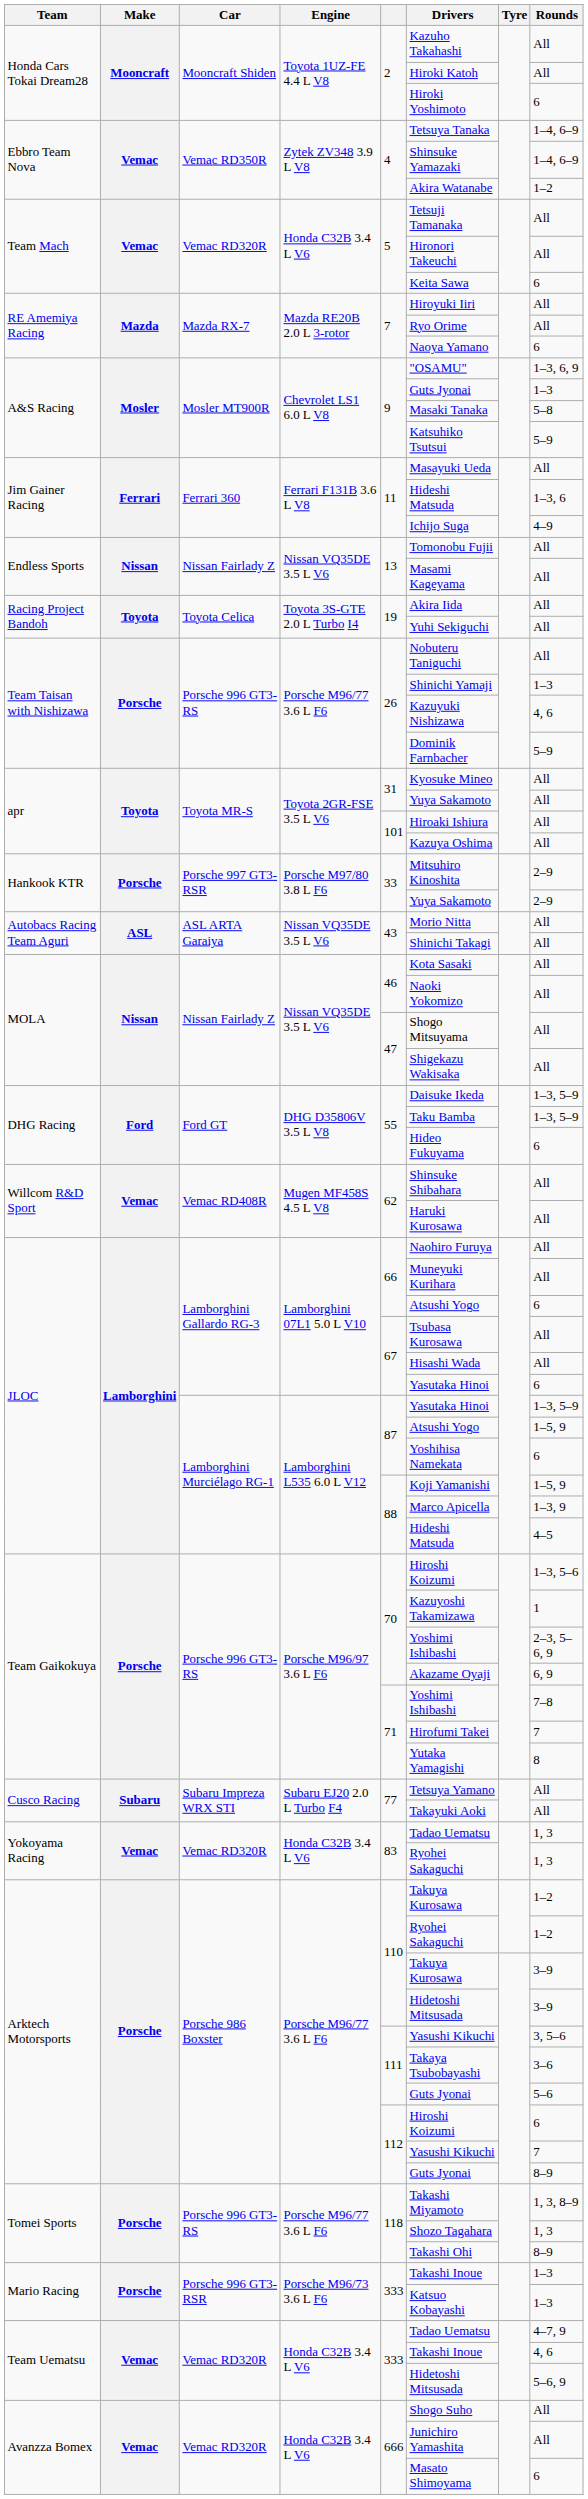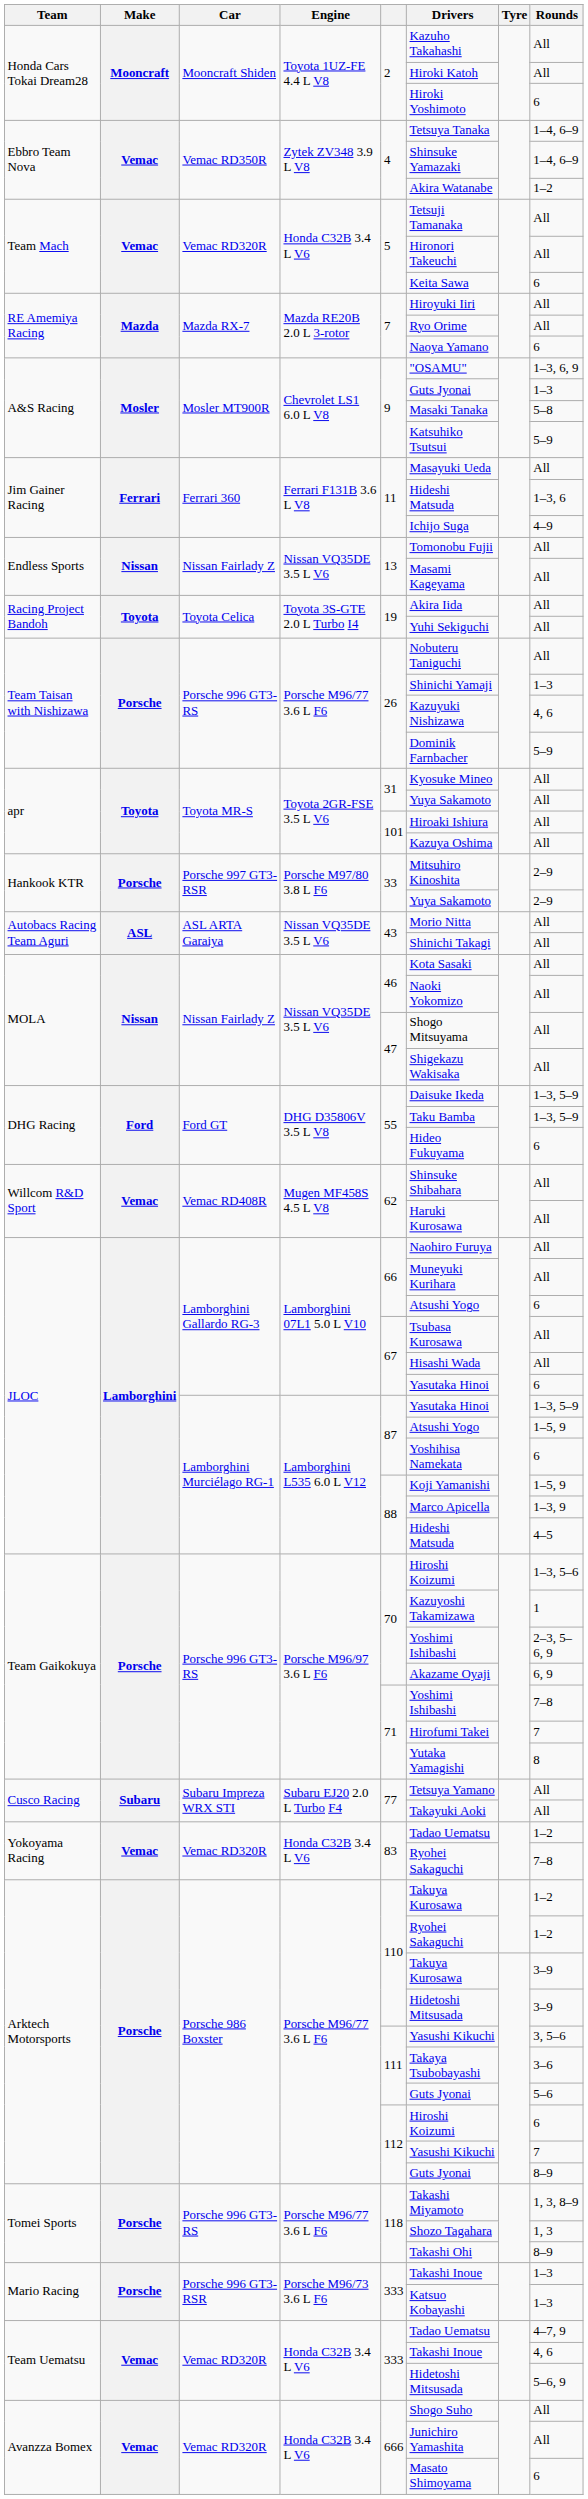 <table class="wikitable" style="font-size: 85%">
 <tr>
 <th>Team</th>
 <th>Make</th>
 <th>Car</th>
 <th>Engine</th>
 <th></th>
 <th>Drivers</th>
 <th>Tyre</th>
 <th>Rounds</th>
 </tr>
 <tr>
 <td rowspan=3>Honda Cars Tokai Dream28</td>
 <th rowspan=3><a href='#'>Mooncraft</a></th>
 <td rowspan=3><a href='#'>Mooncraft Shiden</a></td>
 <td rowspan=3><a href='#'>Toyota 1UZ-FE</a> 4.4 L <a href='#'>V8</a></td>
 <td rowspan=3>2</td>
 <td> <a href='#'>Kazuho Takahashi</a></td>
 <td align=center rowspan=3></td>
 <td>All</td>
 </tr>
 <tr>
 <td> <a href='#'>Hiroki Katoh</a></td>
 <td>All</td>
 </tr>
 <tr>
 <td> <a href='#'>Hiroki Yoshimoto</a></td>
 <td>6</td>
 </tr>
 <tr>
 <td rowspan=3>Ebbro Team Nova</td>
 <th rowspan=3><a href='#'>Vemac</a></th>
 <td rowspan=3><a href='#'>Vemac RD350R</a></td>
 <td rowspan=3><a href='#'>Zytek ZV348</a> 3.9 L <a href='#'>V8</a></td>
 <td rowspan=3>4</td>
 <td> <a href='#'>Tetsuya Tanaka</a></td>
 <td rowspan=3 align="center"></td>
 <td>1–4, 6–9</td>
 </tr>
 <tr>
 <td> <a href='#'>Shinsuke Yamazaki</a></td>
 <td>1–4, 6–9</td>
 </tr>
 <tr>
 <td> <a href='#'>Akira Watanabe</a></td>
 <td>1–2</td>
 </tr>
 <tr>
 <td rowspan=3>Team <a href='#'>Mach</a></td>
 <th rowspan=3><a href='#'>Vemac</a></th>
 <td rowspan=3><a href='#'>Vemac RD320R</a></td>
 <td rowspan=3><a href='#'>Honda C32B</a> 3.4 L <a href='#'>V6</a></td>
 <td rowspan=3>5</td>
 <td> <a href='#'>Tetsuji Tamanaka</a></td>
 <td align="center" rowspan=3></td>
 <td>All</td>
 </tr>
 <tr>
 <td> <a href='#'>Hironori Takeuchi</a></td>
 <td>All</td>
 </tr>
 <tr>
 <td> <a href='#'>Keita Sawa</a></td>
 <td>6</td>
 </tr>
 <tr>
 <td rowspan=3><a href='#'>RE Amemiya Racing</a></td>
 <th rowspan=3><a href='#'>Mazda</a></th>
 <td rowspan=3><a href='#'>Mazda RX-7</a></td>
 <td rowspan=3><a href='#'>Mazda RE20B</a> 2.0 L <a href='#'>3-rotor</a></td>
 <td rowspan=3>7</td>
 <td> <a href='#'>Hiroyuki Iiri</a></td>
 <td align="center" rowspan=3></td>
 <td>All</td>
 </tr>
 <tr>
 <td> <a href='#'>Ryo Orime</a></td>
 <td>All</td>
 </tr>
 <tr>
 <td> <a href='#'>Naoya Yamano</a></td>
 <td>6</td>
 </tr>
 <tr>
 <td rowspan=4>A&S Racing</td>
 <th rowspan=4><a href='#'>Mosler</a></th>
 <td rowspan=4><a href='#'>Mosler MT900R</a></td>
 <td rowspan=4><a href='#'>Chevrolet LS1</a> 6.0 L <a href='#'>V8</a></td>
 <td rowspan=4>9</td>
 <td> <a href='#'>"OSAMU"</a></td>
 <td rowspan=4 align="center"></td>
 <td>1–3, 6, 9</td>
 </tr>
 <tr>
 <td> <a href='#'>Guts Jyonai</a></td>
 <td>1–3</td>
 </tr>
 <tr>
 <td> <a href='#'>Masaki Tanaka</a></td>
 <td>5–8</td>
 </tr>
 <tr>
 <td> <a href='#'>Katsuhiko Tsutsui</a></td>
 <td>5–9</td>
 </tr>
 <tr>
 <td rowspan=3>Jim Gainer Racing</td>
 <th rowspan=3><a href='#'>Ferrari</a></th>
 <td rowspan=3><a href='#'>Ferrari 360</a></td>
 <td rowspan=3><a href='#'>Ferrari F131B</a> 3.6 L <a href='#'>V8</a></td>
 <td rowspan=3>11</td>
 <td> <a href='#'>Masayuki Ueda</a></td>
 <td rowspan=3 align="center"></td>
 <td>All</td>
 </tr>
 <tr>
 <td> <a href='#'>Hideshi Matsuda</a></td>
 <td>1–3, 6</td>
 </tr>
 <tr>
 <td> <a href='#'>Ichijo Suga</a></td>
 <td>4–9</td>
 </tr>
 <tr>
 <td rowspan=2>Endless Sports</td>
 <th rowspan=2><a href='#'>Nissan</a></th>
 <td rowspan=2><a href='#'>Nissan Fairlady Z</a></td>
 <td rowspan=2><a href='#'>Nissan VQ35DE</a> 3.5 L <a href='#'>V6</a></td>
 <td rowspan=2>13</td>
 <td> <a href='#'>Tomonobu Fujii</a></td>
 <td rowspan=2 align="center"></td>
 <td>All</td>
 </tr>
 <tr>
 <td> <a href='#'>Masami Kageyama</a></td>
 <td>All</td>
 </tr>
 <tr>
 <td rowspan=2><a href='#'>Racing Project Bandoh</a></td>
 <th rowspan=2><a href='#'>Toyota</a></th>
 <td rowspan=2><a href='#'>Toyota Celica</a></td>
 <td rowspan=2><a href='#'>Toyota 3S-GTE</a> 2.0 L <a href='#'>Turbo</a> <a href='#'>I4</a></td>
 <td rowspan=2>19</td>
 <td> <a href='#'>Akira Iida</a></td>
 <td rowspan=2 align="center"></td>
 <td>All</td>
 </tr>
 <tr>
 <td> <a href='#'>Yuhi Sekiguchi</a></td>
 <td>All</td>
 </tr>
 <tr>
 <td rowspan=4><a href='#'>Team Taisan with Nishizawa</a></td>
 <th rowspan=4><a href='#'>Porsche</a></th>
 <td rowspan=4><a href='#'>Porsche 996 GT3-RS</a></td>
 <td rowspan=4><a href='#'>Porsche M96/77</a> 3.6 L <a href='#'>F6</a></td>
 <td rowspan=4>26</td>
 <td> <a href='#'>Nobuteru Taniguchi</a></td>
 <td rowspan=4 align="center"></td>
 <td>All</td>
 </tr>
 <tr>
 <td> <a href='#'>Shinichi Yamaji</a></td>
 <td>1–3</td>
 </tr>
 <tr>
 <td> <a href='#'>Kazuyuki Nishizawa</a></td>
 <td>4, 6</td>
 </tr>
 <tr>
 <td> <a href='#'>Dominik Farnbacher</a></td>
 <td>5–9</td>
 </tr>
 <tr>
 <td rowspan=4>apr</td>
 <th rowspan=4><a href='#'>Toyota</a></th>
 <td rowspan=4><a href='#'>Toyota MR-S</a></td>
 <td rowspan=4><a href='#'>Toyota 2GR-FSE</a> 3.5 L <a href='#'>V6</a></td>
 <td rowspan=2>31</td>
 <td> <a href='#'>Kyosuke Mineo</a></td>
 <td rowspan=4 align="center"></td>
 <td>All</td>
 </tr>
 <tr>
 <td> <a href='#'>Yuya Sakamoto</a></td>
 <td>All</td>
 </tr>
 <tr>
 <td rowspan=2>101</td>
 <td> <a href='#'>Hiroaki Ishiura</a></td>
 <td>All</td>
 </tr>
 <tr>
 <td> <a href='#'>Kazuya Oshima</a></td>
 <td>All</td>
 </tr>
 <tr>
 <td rowspan=2>Hankook KTR</td>
 <th rowspan=2><a href='#'>Porsche</a></th>
 <td rowspan=2><a href='#'>Porsche 997 GT3-RSR</a></td>
 <td rowspan=2><a href='#'>Porsche M97/80</a> 3.8 L <a href='#'>F6</a></td>
 <td rowspan=2>33</td>
 <td> <a href='#'>Mitsuhiro Kinoshita</a></td>
 <td rowspan=2 align="center"></td>
 <td>2–9</td>
 </tr>
 <tr>
 <td> <a href='#'>Yuya Sakamoto</a></td>
 <td>2–9</td>
 </tr>
 <tr>
 <td rowspan=2><a href='#'>Autobacs Racing Team Aguri</a></td>
 <th rowspan=2><a href='#'>ASL</a></th>
 <td rowspan=2><a href='#'>ASL ARTA Garaiya</a></td>
 <td rowspan=2><a href='#'>Nissan VQ35DE</a> 3.5 L <a href='#'>V6</a></td>
 <td rowspan=2>43</td>
 <td> <a href='#'>Morio Nitta</a></td>
 <td rowspan=2 align="center"></td>
 <td>All</td>
 </tr>
 <tr>
 <td> <a href='#'>Shinichi Takagi</a></td>
 <td>All</td>
 </tr>
 <tr>
 <td rowspan=4>MOLA</td>
 <th rowspan=4><a href='#'>Nissan</a></th>
 <td rowspan=4><a href='#'>Nissan Fairlady Z</a></td>
 <td rowspan=4><a href='#'>Nissan VQ35DE</a> 3.5 L <a href='#'>V6</a></td>
 <td rowspan=2>46</td>
 <td> <a href='#'>Kota Sasaki</a></td>
 <td rowspan=4 align="center"></td>
 <td>All</td>
 </tr>
 <tr>
 <td> <a href='#'>Naoki Yokomizo</a></td>
 <td>All</td>
 </tr>
 <tr>
 <td rowspan=2>47</td>
 <td> Shogo Mitsuyama</td>
 <td>All</td>
 </tr>
 <tr>
 <td> <a href='#'>Shigekazu Wakisaka</a></td>
 <td>All</td>
 </tr>
 <tr>
 <td rowspan=3>DHG Racing</td>
 <th rowspan=3><a href='#'>Ford</a></th>
 <td rowspan=3><a href='#'>Ford GT</a></td>
 <td rowspan=3><a href='#'>DHG D35806V</a> 3.5 L <a href='#'>V8</a></td>
 <td rowspan=3>55</td>
 <td> <a href='#'>Daisuke Ikeda</a></td>
 <td rowspan=3 align="center"></td>
 <td>1–3, 5–9</td>
 </tr>
 <tr>
 <td> <a href='#'>Taku Bamba</a></td>
 <td>1–3, 5–9</td>
 </tr>
 <tr>
 <td> <a href='#'>Hideo Fukuyama</a></td>
 <td>6</td>
 </tr>
 <tr>
 <td rowspan=2>Willcom <a href='#'>R&D Sport</a></td>
 <th rowspan=2><a href='#'>Vemac</a></th>
 <td rowspan=2><a href='#'>Vemac RD408R</a></td>
 <td rowspan=2><a href='#'>Mugen MF458S</a> 4.5 L <a href='#'>V8</a></td>
 <td rowspan=2>62</td>
 <td> <a href='#'>Shinsuke Shibahara</a></td>
 <td rowspan=2 align="center"></td>
 <td>All</td>
 </tr>
 <tr>
 <td> <a href='#'>Haruki Kurosawa</a></td>
 <td>All</td>
 </tr>
 <tr>
 <td rowspan=12><a href='#'>JLOC</a></td>
 <th rowspan=12><a href='#'>Lamborghini</a></th>
 <td rowspan=6><a href='#'>Lamborghini Gallardo RG-3</a></td>
 <td rowspan=6><a href='#'>Lamborghini 07L1</a> 5.0 L <a href='#'>V10</a></td>
 <td rowspan=3>66</td>
 <td> <a href='#'>Naohiro Furuya</a></td>
 <td rowspan=12 align="center"></td>
 <td>All</td>
 </tr>
 <tr>
 <td> <a href='#'>Muneyuki Kurihara</a></td>
 <td>All</td>
 </tr>
 <tr>
 <td> <a href='#'>Atsushi Yogo</a></td>
 <td>6</td>
 </tr>
 <tr>
 <td rowspan=3>67</td>
 <td> <a href='#'>Tsubasa Kurosawa</a></td>
 <td>All</td>
 </tr>
 <tr>
 <td> <a href='#'>Hisashi Wada</a></td>
 <td>All</td>
 </tr>
 <tr>
 <td> <a href='#'>Yasutaka Hinoi</a></td>
 <td>6</td>
 </tr>
 <tr>
 <td rowspan=6><a href='#'>Lamborghini Murciélago RG-1</a></td>
 <td rowspan=6><a href='#'>Lamborghini L535</a> 6.0 L <a href='#'>V12</a></td>
 <td rowspan=3>87</td>
 <td> <a href='#'>Yasutaka Hinoi</a></td>
 <td>1–3, 5–9</td>
 </tr>
 <tr>
 <td> <a href='#'>Atsushi Yogo</a></td>
 <td>1–5, 9</td>
 </tr>
 <tr>
 <td> <a href='#'>Yoshihisa Namekata</a></td>
 <td>6</td>
 </tr>
 <tr>
 <td rowspan=3>88</td>
 <td> <a href='#'>Koji Yamanishi</a></td>
 <td>1–5, 9</td>
 </tr>
 <tr>
 <td> <a href='#'>Marco Apicella</a></td>
 <td>1–3, 9</td>
 </tr>
 <tr>
 <td> <a href='#'>Hideshi Matsuda</a></td>
 <td>4–5</td>
 </tr>
 <tr>
 <td rowspan=7>Team Gaikokuya</td>
 <th rowspan=7><a href='#'>Porsche</a></th>
 <td rowspan=7><a href='#'>Porsche 996 GT3-RS</a></td>
 <td rowspan=7><a href='#'>Porsche M96/97</a> 3.6 L <a href='#'>F6</a></td>
 <td rowspan=4>70</td>
 <td> <a href='#'>Hiroshi Koizumi</a></td>
 <td rowspan=7 align="center"></td>
 <td>1–3, 5–6</td>
 </tr>
 <tr>
 <td> <a href='#'>Kazuyoshi Takamizawa</a></td>
 <td>1</td>
 </tr>
 <tr>
 <td> <a href='#'>Yoshimi Ishibashi</a></td>
 <td>2–3, 5–6, 9</td>
 </tr>
 <tr>
 <td> <a href='#'>Akazame Oyaji</a></td>
 <td>6, 9</td>
 </tr>
 <tr>
 <td rowspan=3>71</td>
 <td> <a href='#'>Yoshimi Ishibashi</a></td>
 <td>7–8</td>
 </tr>
 <tr>
 <td> <a href='#'>Hirofumi Takei</a></td>
 <td>7</td>
 </tr>
 <tr>
 <td> <a href='#'>Yutaka Yamagishi</a></td>
 <td>8</td>
 </tr>
 <tr>
 <td rowspan=2><a href='#'>Cusco Racing</a></td>
 <th rowspan=2><a href='#'>Subaru</a></th>
 <td rowspan=2><a href='#'>Subaru Impreza WRX STI</a></td>
 <td rowspan=2><a href='#'>Subaru EJ20</a> 2.0 L <a href='#'>Turbo</a> <a href='#'>F4</a></td>
 <td rowspan=2>77</td>
 <td> <a href='#'>Tetsuya Yamano</a></td>
 <td rowspan=2 align="center"></td>
 <td>All</td>
 </tr>
 <tr>
 <td> <a href='#'>Takayuki Aoki</a></td>
 <td>All</td>
 </tr>
 <tr>
 <td rowspan=2>Yokoyama Racing</td>
 <th rowspan=2><a href='#'>Vemac</a></th>
 <td rowspan=2><a href='#'>Vemac RD320R</a></td>
 <td rowspan=2><a href='#'>Honda C32B</a> 3.4 L <a href='#'>V6</a></td>
 <td rowspan=2>83</td>
 <td> <a href='#'>Tadao Uematsu</a></td>
 <td align="center" rowspan=2></td>
-<td>1, 3</td>
+<td>1–2</td>
 </tr>
 <tr>
 <td> <a href='#'>Ryohei Sakaguchi</a></td>
-<td>1, 3</td>
+<td>7–8</td>
 </tr>
 <tr>
 <td rowspan=10>Arktech Motorsports</td>
 <th rowspan=10><a href='#'>Porsche</a></th>
 <td rowspan=10><a href='#'>Porsche 986 Boxster</a></td>
 <td rowspan=10><a href='#'>Porsche M96/77</a> 3.6 L <a href='#'>F6</a></td>
 <td rowspan=4>110</td>
 <td> <a href='#'>Takuya Kurosawa</a></td>
 <td rowspan=2 align="center"></td>
 <td>1–2</td>
 </tr>
 <tr>
 <td> <a href='#'>Ryohei Sakaguchi</a></td>
 <td>1–2</td>
 </tr>
 <tr>
 <td> <a href='#'>Takuya Kurosawa</a></td>
 <td rowspan=8 align="center"></td>
 <td>3–9</td>
 </tr>
 <tr>
 <td> <a href='#'>Hidetoshi Mitsusada</a></td>
 <td>3–9</td>
 </tr>
 <tr>
 <td rowspan=3>111</td>
 <td> <a href='#'>Yasushi Kikuchi</a></td>
 <td>3, 5–6</td>
 </tr>
 <tr>
 <td> <a href='#'>Takaya Tsubobayashi</a></td>
 <td>3–6</td>
 </tr>
 <tr>
 <td> <a href='#'>Guts Jyonai</a></td>
 <td>5–6</td>
 </tr>
 <tr>
 <td rowspan=3>112</td>
 <td> <a href='#'>Hiroshi Koizumi</a></td>
 <td>6</td>
 </tr>
 <tr>
 <td> <a href='#'>Yasushi Kikuchi</a></td>
 <td>7</td>
 </tr>
 <tr>
 <td> <a href='#'>Guts Jyonai</a></td>
 <td>8–9</td>
 </tr>
 <tr>
 <td rowspan=3>Tomei Sports</td>
 <th rowspan=3><a href='#'>Porsche</a></th>
 <td rowspan=3><a href='#'>Porsche 996 GT3-RS</a></td>
 <td rowspan=3><a href='#'>Porsche M96/77</a> 3.6 L <a href='#'>F6</a></td>
 <td rowspan=3>118</td>
 <td> <a href='#'>Takashi Miyamoto</a></td>
 <td rowspan=3 align="center"></td>
 <td>1, 3, 8–9</td>
 </tr>
 <tr>
 <td> <a href='#'>Shozo Tagahara</a></td>
 <td>1, 3</td>
 </tr>
 <tr>
 <td> <a href='#'>Takashi Ohi</a></td>
 <td>8–9</td>
 </tr>
 <tr>
 <td rowspan=2>Mario Racing</td>
 <th rowspan=2><a href='#'>Porsche</a></th>
 <td rowspan=2><a href='#'>Porsche 996 GT3-RSR</a></td>
 <td rowspan=2><a href='#'>Porsche M96/73</a> 3.6 L <a href='#'>F6</a></td>
 <td rowspan=2>333</td>
 <td> <a href='#'>Takashi Inoue</a></td>
 <td rowspan=2 align="center"></td>
 <td>1–3</td>
 </tr>
 <tr>
 <td> <a href='#'>Katsuo Kobayashi</a></td>
 <td>1–3</td>
 </tr>
 <tr>
 <td rowspan=3>Team Uematsu</td>
 <th rowspan=3><a href='#'>Vemac</a></th>
 <td rowspan=3><a href='#'>Vemac RD320R</a></td>
 <td rowspan=3><a href='#'>Honda C32B</a> 3.4 L <a href='#'>V6</a></td>
 <td rowspan=3>333</td>
 <td> <a href='#'>Tadao Uematsu</a></td>
 <td rowspan=3 align="center"></td>
 <td>4–7, 9</td>
 </tr>
 <tr>
 <td> <a href='#'>Takashi Inoue</a></td>
 <td>4, 6</td>
 </tr>
 <tr>
 <td> <a href='#'>Hidetoshi Mitsusada</a></td>
 <td>5–6, 9</td>
 </tr>
 <tr>
 <td rowspan=3>Avanzza Bomex</td>
 <th rowspan=3><a href='#'>Vemac</a></th>
 <td rowspan=3><a href='#'>Vemac RD320R</a></td>
 <td rowspan=3><a href='#'>Honda C32B</a> 3.4 L <a href='#'>V6</a></td>
 <td rowspan=3>666</td>
 <td> <a href='#'>Shogo Suho</a></td>
 <td rowspan=3 align="center"></td>
 <td>All</td>
 </tr>
 <tr>
 <td> <a href='#'>Junichiro Yamashita</a></td>
 <td>All</td>
 </tr>
 <tr>
 <td> <a href='#'>Masato Shimoyama</a></td>
 <td>6</td>
 </tr>
 </table>
